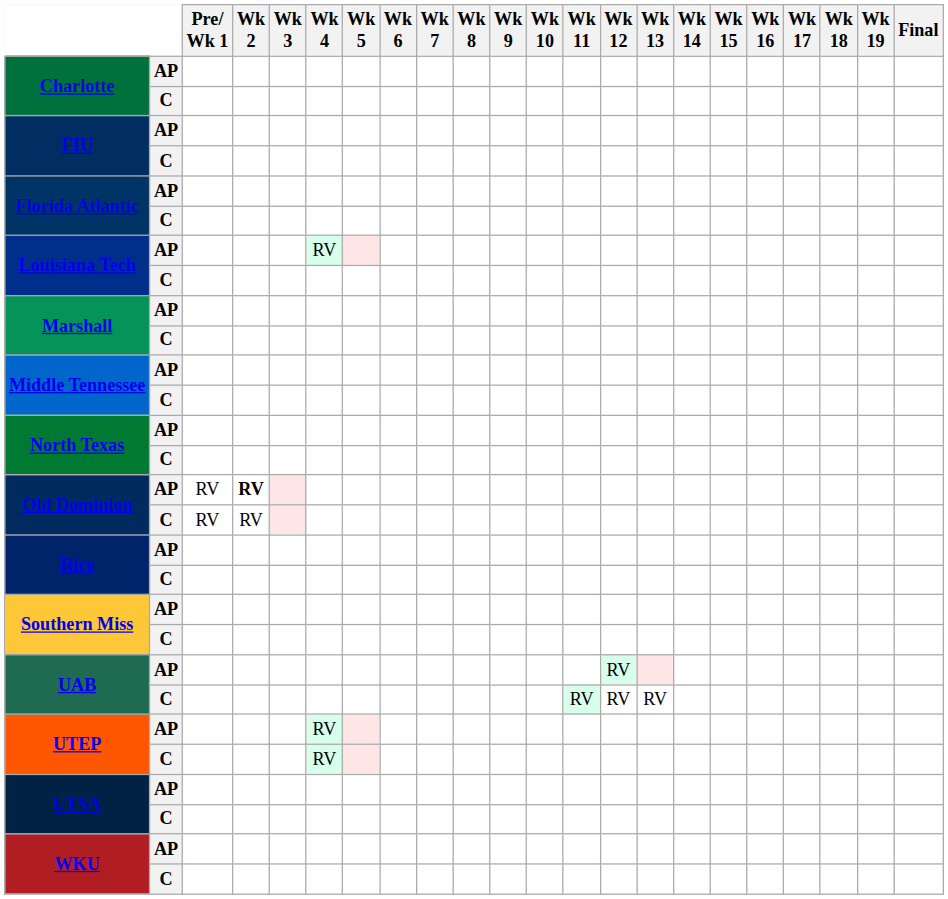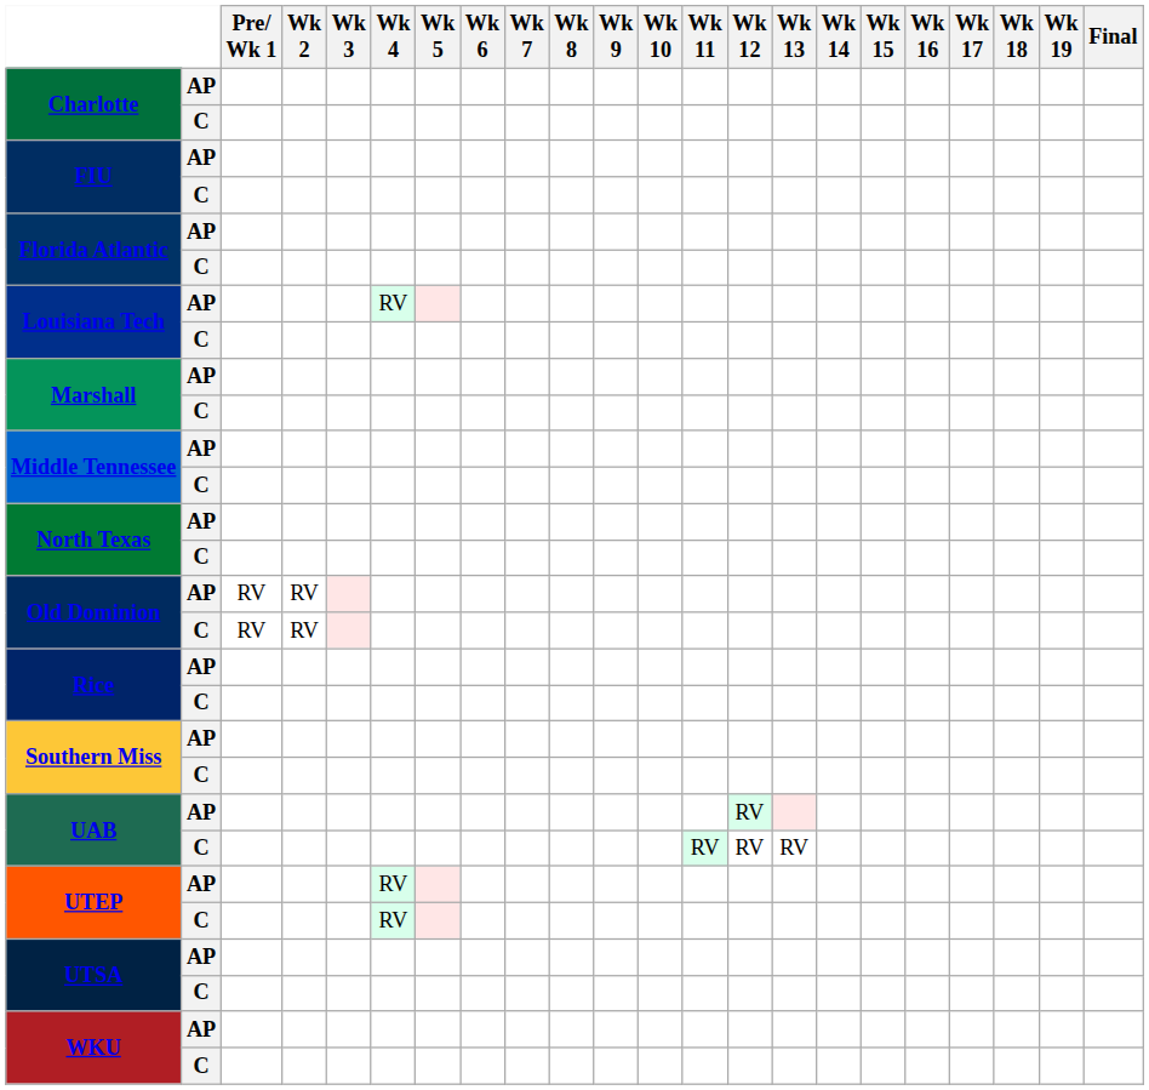 <table class="wikitable" style="white-space:nowrap;font-size:90%;">
 <tr>
 <th colspan=2 style="background:white; border-top-style:hidden; border-left-style:hidden;"> </th>
 <th>Pre/<br>Wk 1</th>
 <th>Wk<br>2</th>
 <th>Wk<br>3</th>
 <th>Wk<br>4</th>
 <th>Wk<br>5</th>
 <th>Wk<br>6</th>
 <th>Wk<br>7</th>
 <th>Wk<br>8</th>
 <th>Wk<br>9</th>
 <th>Wk<br>10</th>
 <th>Wk<br>11</th>
 <th>Wk<br>12</th>
 <th>Wk<br>13</th>
 <th>Wk<br>14</th>
 <th>Wk<br>15</th>
 <th>Wk<br>16</th>
 <th>Wk<br>17</th>
 <th>Wk<br>18</th>
 <th>Wk<br>19</th>
 <th>Final</th>
 </tr>
 <tr style="text-align:center;">
 <th rowspan=2 style="background:#00703C;"><a href='#'><span>Charlotte</span></a></th>
 <th>AP</th>
 <td style="background:#FFF;"></td>
 <td style="background:#FFF;"></td>
 <td style="background:#FFF;"></td>
 <td style="background:#FFF;"></td>
 <td style="background:#FFF;"></td>
 <td style="background:#FFF;"></td>
 <td style="background:#FFF;"></td>
 <td style="background:#FFF;"></td>
 <td style="background:#FFF;"></td>
 <td style="background:#FFF;"></td>
 <td style="background:#FFF;"></td>
 <td style="background:#FFF;"></td>
 <td style="background:#FFF;"></td>
 <td style="background:#FFF;"></td>
 <td style="background:#FFF;"></td>
 <td style="background:#FFF;"></td>
 <td style="background:#FFF;"></td>
 <td style="background:#FFF;"></td>
 <td style="background:#FFF;"></td>
 <td style="background:#FFF;"></td>
 </tr>
 <tr style="text-align:center;">
 <th>C</th>
 <td style="background:#FFF;"></td>
 <td style="background:#FFF;"></td>
 <td style="background:#FFF;"></td>
 <td style="background:#FFF;"></td>
 <td style="background:#FFF;"></td>
 <td style="background:#FFF;"></td>
 <td style="background:#FFF;"></td>
 <td style="background:#FFF;"></td>
 <td style="background:#FFF;"></td>
 <td style="background:#FFF;"></td>
 <td style="background:#FFF;"></td>
 <td style="background:#FFF;"></td>
 <td style="background:#FFF;"></td>
 <td style="background:#FFF;"></td>
 <td style="background:#FFF;"></td>
 <td style="background:#FFF;"></td>
 <td style="background:#FFF;"></td>
 <td style="background:#FFF;"></td>
 <td style="background:#FFF;"></td>
 <td style="background:#FFF;"></td>
 </tr>
 <tr style="text-align:center;">
 <th rowspan=2 style="background:#002d62;"><a href='#'><span>FIU</span></a></th>
 <th>AP</th>
 <td style="background:#FFF;"></td>
 <td style="background:#FFF;"></td>
 <td style="background:#FFF;"></td>
 <td style="background:#FFF;"></td>
 <td style="background:#FFF;"></td>
 <td style="background:#FFF;"></td>
 <td style="background:#FFF;"></td>
 <td style="background:#FFF;"></td>
 <td style="background:#FFF;"></td>
 <td style="background:#FFF;"></td>
 <td style="background:#FFF;"></td>
 <td style="background:#FFF;"></td>
 <td style="background:#FFF;"></td>
 <td style="background:#FFF;"></td>
 <td style="background:#FFF;"></td>
 <td style="background:#FFF;"></td>
 <td style="background:#FFF;"></td>
 <td style="background:#FFF;"></td>
 <td style="background:#FFF;"></td>
 <td style="background:#FFF;"></td>
 </tr>
 <tr style="text-align:center;">
 <th>C</th>
 <td style="background:#FFF;"></td>
 <td style="background:#FFF;"></td>
 <td style="background:#FFF;"></td>
 <td style="background:#FFF;"></td>
 <td style="background:#FFF;"></td>
 <td style="background:#FFF;"></td>
 <td style="background:#FFF;"></td>
 <td style="background:#FFF;"></td>
 <td style="background:#FFF;"></td>
 <td style="background:#FFF;"></td>
 <td style="background:#FFF;"></td>
 <td style="background:#FFF;"></td>
 <td style="background:#FFF;"></td>
 <td style="background:#FFF;"></td>
 <td style="background:#FFF;"></td>
 <td style="background:#FFF;"></td>
 <td style="background:#FFF;"></td>
 <td style="background:#FFF;"></td>
 <td style="background:#FFF;"></td>
 <td style="background:#FFF;"></td>
 </tr>
 <tr style="text-align:center;">
 <th rowspan=2 style="background:#003366;"><a href='#'><span>Florida Atlantic</span></a></th>
 <th>AP</th>
 <td style="background:#FFF;"></td>
 <td style="background:#FFF;"></td>
 <td style="background:#FFF;"></td>
 <td style="background:#FFF;"></td>
 <td style="background:#FFF;"></td>
 <td style="background:#FFF;"></td>
 <td style="background:#FFF;"></td>
 <td style="background:#FFF;"></td>
 <td style="background:#FFF;"></td>
 <td style="background:#FFF;"></td>
 <td style="background:#FFF;"></td>
 <td style="background:#FFF;"></td>
 <td style="background:#FFF;"></td>
 <td style="background:#FFF;"></td>
 <td style="background:#FFF;"></td>
 <td style="background:#FFF;"></td>
 <td style="background:#FFF;"></td>
 <td style="background:#FFF;"></td>
 <td style="background:#FFF;"></td>
 <td style="background:#FFF;"></td>
 </tr>
 <tr style="text-align:center;">
 <th>C</th>
 <td style="background:#FFF;"></td>
 <td style="background:#FFF;"></td>
 <td style="background:#FFF;"></td>
 <td style="background:#FFF;"></td>
 <td style="background:#FFF;"></td>
 <td style="background:#FFF;"></td>
 <td style="background:#FFF;"></td>
 <td style="background:#FFF;"></td>
 <td style="background:#FFF;"></td>
 <td style="background:#FFF;"></td>
 <td style="background:#FFF;"></td>
 <td style="background:#FFF;"></td>
 <td style="background:#FFF;"></td>
 <td style="background:#FFF;"></td>
 <td style="background:#FFF;"></td>
 <td style="background:#FFF;"></td>
 <td style="background:#FFF;"></td>
 <td style="background:#FFF;"></td>
 <td style="background:#FFF;"></td>
 <td style="background:#FFF;"></td>
 </tr>
 <tr style="text-align:center;">
 <th rowspan=2 style="background:#002F8B;"><a href='#'><span>Louisiana Tech</span></a></th>
 <th>AP</th>
 <td style="background:#FFF;"></td>
 <td style="background:#FFF;"></td>
 <td style="background:#FFF;"></td>
 <td style="background:#d8ffeb;">RV</td>
 <td style="background:#ffe6e6;"></td>
 <td style="background:#FFF;"></td>
 <td style="background:#FFF;"></td>
 <td style="background:#FFF;"></td>
 <td style="background:#FFF;"></td>
 <td style="background:#FFF;"></td>
 <td style="background:#FFF;"></td>
 <td style="background:#FFF;"></td>
 <td style="background:#FFF;"></td>
 <td style="background:#FFF;"></td>
 <td style="background:#FFF;"></td>
 <td style="background:#FFF;"></td>
 <td style="background:#FFF;"></td>
 <td style="background:#FFF;"></td>
 <td style="background:#FFF;"></td>
 <td style="background:#FFF;"></td>
 </tr>
 <tr style="text-align:center;">
 <th>C</th>
 <td style="background:#FFF;"></td>
 <td style="background:#FFF;"></td>
 <td style="background:#FFF;"></td>
 <td style="background:#FFF;"></td>
 <td style="background:#FFF;"></td>
 <td style="background:#FFF;"></td>
 <td style="background:#FFF;"></td>
 <td style="background:#FFF;"></td>
 <td style="background:#FFF;"></td>
 <td style="background:#FFF;"></td>
 <td style="background:#FFF;"></td>
 <td style="background:#FFF;"></td>
 <td style="background:#FFF;"></td>
 <td style="background:#FFF;"></td>
 <td style="background:#FFF;"></td>
 <td style="background:#FFF;"></td>
 <td style="background:#FFF;"></td>
 <td style="background:#FFF;"></td>
 <td style="background:#FFF;"></td>
 <td style="background:#FFF;"></td>
 </tr>
 <tr style="text-align:center;">
 <th rowspan=2 style="background:#04945a;"><a href='#'><span>Marshall</span></a></th>
 <th>AP</th>
 <td style="background:#FFF;"></td>
 <td style="background:#FFF;"></td>
 <td style="background:#FFF;"></td>
 <td style="background:#FFF;"></td>
 <td style="background:#FFF;"></td>
 <td style="background:#FFF;"></td>
 <td style="background:#FFF;"></td>
 <td style="background:#FFF;"></td>
 <td style="background:#FFF;"></td>
 <td style="background:#FFF;"></td>
 <td style="background:#FFF;"></td>
 <td style="background:#FFF;"></td>
 <td style="background:#FFF;"></td>
 <td style="background:#FFF;"></td>
 <td style="background:#FFF;"></td>
 <td style="background:#FFF;"></td>
 <td style="background:#FFF;"></td>
 <td style="background:#FFF;"></td>
 <td style="background:#FFF;"></td>
 <td style="background:#FFF;"></td>
 </tr>
 <tr style="text-align:center;">
 <th>C</th>
 <td style="background:#FFF;"></td>
 <td style="background:#FFF;"></td>
 <td style="background:#FFF;"></td>
 <td style="background:#FFF;"></td>
 <td style="background:#FFF;"></td>
 <td style="background:#FFF;"></td>
 <td style="background:#FFF;"></td>
 <td style="background:#FFF;"></td>
 <td style="background:#FFF;"></td>
 <td style="background:#FFF;"></td>
 <td style="background:#FFF;"></td>
 <td style="background:#FFF;"></td>
 <td style="background:#FFF;"></td>
 <td style="background:#FFF;"></td>
 <td style="background:#FFF;"></td>
 <td style="background:#FFF;"></td>
 <td style="background:#FFF;"></td>
 <td style="background:#FFF;"></td>
 <td style="background:#FFF;"></td>
 <td style="background:#FFF;"></td>
 </tr>
 <tr style="text-align:center;">
 <th rowspan=2 style="background:#0066CC;"><a href='#'><span>Middle Tennessee</span></a></th>
 <th>AP</th>
 <td style="background:#FFF;"></td>
 <td style="background:#FFF;"></td>
 <td style="background:#FFF;"></td>
 <td style="background:#FFF;"></td>
 <td style="background:#FFF;"></td>
 <td style="background:#FFF;"></td>
 <td style="background:#FFF;"></td>
 <td style="background:#FFF;"></td>
 <td style="background:#FFF;"></td>
 <td style="background:#FFF;"></td>
 <td style="background:#FFF;"></td>
 <td style="background:#FFF;"></td>
 <td style="background:#FFF;"></td>
 <td style="background:#FFF;"></td>
 <td style="background:#FFF;"></td>
 <td style="background:#FFF;"></td>
 <td style="background:#FFF;"></td>
 <td style="background:#FFF;"></td>
 <td style="background:#FFF;"></td>
 <td style="background:#FFF;"></td>
 </tr>
 <tr style="text-align:center;">
 <th>C</th>
 <td style="background:#FFF;"></td>
 <td style="background:#FFF;"></td>
 <td style="background:#FFF;"></td>
 <td style="background:#FFF;"></td>
 <td style="background:#FFF;"></td>
 <td style="background:#FFF;"></td>
 <td style="background:#FFF;"></td>
 <td style="background:#FFF;"></td>
 <td style="background:#FFF;"></td>
 <td style="background:#FFF;"></td>
 <td style="background:#FFF;"></td>
 <td style="background:#FFF;"></td>
 <td style="background:#FFF;"></td>
 <td style="background:#FFF;"></td>
 <td style="background:#FFF;"></td>
 <td style="background:#FFF;"></td>
 <td style="background:#FFF;"></td>
 <td style="background:#FFF;"></td>
 <td style="background:#FFF;"></td>
 <td style="background:#FFF;"></td>
 </tr>
 <tr style="text-align:center;">
 <th rowspan=2 style="background:#007A33;"><a href='#'><span>North Texas</span></a></th>
 <th>AP</th>
 <td style="background:#FFF;"></td>
 <td style="background:#FFF;"></td>
 <td style="background:#FFF;"></td>
 <td style="background:#FFF;"></td>
 <td style="background:#FFF;"></td>
 <td style="background:#FFF;"></td>
 <td style="background:#FFF;"></td>
 <td style="background:#FFF;"></td>
 <td style="background:#FFF;"></td>
 <td style="background:#FFF;"></td>
 <td style="background:#FFF;"></td>
 <td style="background:#FFF;"></td>
 <td style="background:#FFF;"></td>
 <td style="background:#FFF;"></td>
 <td style="background:#FFF;"></td>
 <td style="background:#FFF;"></td>
 <td style="background:#FFF;"></td>
 <td style="background:#FFF;"></td>
 <td style="background:#FFF;"></td>
 <td style="background:#FFF;"></td>
 </tr>
 <tr style="text-align:center;">
 <th>C</th>
 <td style="background:#FFF;"></td>
 <td style="background:#FFF;"></td>
 <td style="background:#FFF;"></td>
 <td style="background:#FFF;"></td>
 <td style="background:#FFF;"></td>
 <td style="background:#FFF;"></td>
 <td style="background:#FFF;"></td>
 <td style="background:#FFF;"></td>
 <td style="background:#FFF;"></td>
 <td style="background:#FFF;"></td>
 <td style="background:#FFF;"></td>
 <td style="background:#FFF;"></td>
 <td style="background:#FFF;"></td>
 <td style="background:#FFF;"></td>
 <td style="background:#FFF;"></td>
 <td style="background:#FFF;"></td>
 <td style="background:#FFF;"></td>
 <td style="background:#FFF;"></td>
 <td style="background:#FFF;"></td>
 <td style="background:#FFF;"></td>
 </tr>
 <tr style="text-align:center;">
 <th rowspan=2 style="background:#002b5f;"><a href='#'><span>Old Dominion</span></a></th>
 <th>AP</th>
 <td style="background:#FFF;">RV</td>
-<td style="background:#FFF;"><strong>RV</strong></td>
+<td style="background:#FFF;">RV</td>
 <td style="background:#ffe6e6;"></td>
 <td style="background:#FFF;"></td>
 <td style="background:#FFF;"></td>
 <td style="background:#FFF;"></td>
 <td style="background:#FFF;"></td>
 <td style="background:#FFF;"></td>
 <td style="background:#FFF;"></td>
 <td style="background:#FFF;"></td>
 <td style="background:#FFF;"></td>
 <td style="background:#FFF;"></td>
 <td style="background:#FFF;"></td>
 <td style="background:#FFF;"></td>
 <td style="background:#FFF;"></td>
 <td style="background:#FFF;"></td>
 <td style="background:#FFF;"></td>
 <td style="background:#FFF;"></td>
 <td style="background:#FFF;"></td>
 <td style="background:#FFF;"></td>
 </tr>
 <tr style="text-align:center;">
 <th>C</th>
 <td style="background:#FFF;">RV</td>
 <td style="background:#FFF;">RV</td>
 <td style="background:#ffe6e6;"></td>
 <td style="background:#FFF;"></td>
 <td style="background:#FFF;"></td>
 <td style="background:#FFF;"></td>
 <td style="background:#FFF;"></td>
 <td style="background:#FFF;"></td>
 <td style="background:#FFF;"></td>
 <td style="background:#FFF;"></td>
 <td style="background:#FFF;"></td>
 <td style="background:#FFF;"></td>
 <td style="background:#FFF;"></td>
 <td style="background:#FFF;"></td>
 <td style="background:#FFF;"></td>
 <td style="background:#FFF;"></td>
 <td style="background:#FFF;"></td>
 <td style="background:#FFF;"></td>
 <td style="background:#FFF;"></td>
 <td style="background:#FFF;"></td>
 </tr>
 <tr style="text-align:center;">
 <th rowspan=2 style="background:#002469;"><a href='#'><span>Rice</span></a></th>
 <th>AP</th>
 <td style="background:#FFF;"></td>
 <td style="background:#FFF;"></td>
 <td style="background:#FFF;"></td>
 <td style="background:#FFF;"></td>
 <td style="background:#FFF;"></td>
 <td style="background:#FFF;"></td>
 <td style="background:#FFF;"></td>
 <td style="background:#FFF;"></td>
 <td style="background:#FFF;"></td>
 <td style="background:#FFF;"></td>
 <td style="background:#FFF;"></td>
 <td style="background:#FFF;"></td>
 <td style="background:#FFF;"></td>
 <td style="background:#FFF;"></td>
 <td style="background:#FFF;"></td>
 <td style="background:#FFF;"></td>
 <td style="background:#FFF;"></td>
 <td style="background:#FFF;"></td>
 <td style="background:#FFF;"></td>
 <td style="background:#FFF;"></td>
 </tr>
 <tr style="text-align:center;">
 <th>C</th>
 <td style="background:#FFF;"></td>
 <td style="background:#FFF;"></td>
 <td style="background:#FFF;"></td>
 <td style="background:#FFF;"></td>
 <td style="background:#FFF;"></td>
 <td style="background:#FFF;"></td>
 <td style="background:#FFF;"></td>
 <td style="background:#FFF;"></td>
 <td style="background:#FFF;"></td>
 <td style="background:#FFF;"></td>
 <td style="background:#FFF;"></td>
 <td style="background:#FFF;"></td>
 <td style="background:#FFF;"></td>
 <td style="background:#FFF;"></td>
 <td style="background:#FFF;"></td>
 <td style="background:#FFF;"></td>
 <td style="background:#FFF;"></td>
 <td style="background:#FFF;"></td>
 <td style="background:#FFF;"></td>
 <td style="background:#FFF;"></td>
 </tr>
 <tr style="text-align:center;">
 <th rowspan=2 style="background:#FDC737;"><a href='#'><span>Southern Miss</span></a></th>
 <th>AP</th>
 <td style="background:#FFF;"></td>
 <td style="background:#FFF;"></td>
 <td style="background:#FFF;"></td>
 <td style="background:#FFF;"></td>
 <td style="background:#FFF;"></td>
 <td style="background:#FFF;"></td>
 <td style="background:#FFF;"></td>
 <td style="background:#FFF;"></td>
 <td style="background:#FFF;"></td>
 <td style="background:#FFF;"></td>
 <td style="background:#FFF;"></td>
 <td style="background:#FFF;"></td>
 <td style="background:#FFF;"></td>
 <td style="background:#FFF;"></td>
 <td style="background:#FFF;"></td>
 <td style="background:#FFF;"></td>
 <td style="background:#FFF;"></td>
 <td style="background:#FFF;"></td>
 <td style="background:#FFF;"></td>
 <td style="background:#FFF;"></td>
 </tr>
 <tr style="text-align:center;">
 <th>C</th>
 <td style="background:#FFF;"></td>
 <td style="background:#FFF;"></td>
 <td style="background:#FFF;"></td>
 <td style="background:#FFF;"></td>
 <td style="background:#FFF;"></td>
 <td style="background:#FFF;"></td>
 <td style="background:#FFF;"></td>
 <td style="background:#FFF;"></td>
 <td style="background:#FFF;"></td>
 <td style="background:#FFF;"></td>
 <td style="background:#FFF;"></td>
 <td style="background:#FFF;"></td>
 <td style="background:#FFF;"></td>
 <td style="background:#FFF;"></td>
 <td style="background:#FFF;"></td>
 <td style="background:#FFF;"></td>
 <td style="background:#FFF;"></td>
 <td style="background:#FFF;"></td>
 <td style="background:#FFF;"></td>
 <td style="background:#FFF;"></td>
 </tr>
 <tr style="text-align:center;">
 <th rowspan=2 style="background:#1E6B52;"><a href='#'><span>UAB</span></a></th>
 <th>AP</th>
 <td style="background:#FFF;"></td>
 <td style="background:#FFF;"></td>
 <td style="background:#FFF;"></td>
 <td style="background:#FFF;"></td>
 <td style="background:#FFF;"></td>
 <td style="background:#FFF;"></td>
 <td style="background:#FFF;"></td>
 <td style="background:#FFF;"></td>
 <td style="background:#FFF;"></td>
 <td style="background:#FFF;"></td>
 <td style="background:#FFF;"></td>
 <td style="background:#d8ffeb;">RV</td>
 <td style="background:#ffe6e6;"></td>
 <td style="background:#FFF;"></td>
 <td style="background:#FFF;"></td>
 <td style="background:#FFF;"></td>
 <td style="background:#FFF;"></td>
 <td style="background:#FFF;"></td>
 <td style="background:#FFF;"></td>
 <td style="background:#FFF;"></td>
 </tr>
 <tr style="text-align:center;">
 <th>C</th>
 <td style="background:#FFF;"></td>
 <td style="background:#FFF;"></td>
 <td style="background:#FFF;"></td>
 <td style="background:#FFF;"></td>
 <td style="background:#FFF;"></td>
 <td style="background:#FFF;"></td>
 <td style="background:#FFF;"></td>
 <td style="background:#FFF;"></td>
 <td style="background:#FFF;"></td>
 <td style="background:#FFF;"></td>
 <td style="background:#d8ffeb;">RV</td>
 <td style="background:#FFF;">RV</td>
 <td style="background:#FFF;">RV</td>
 <td style="background:#FFF;"></td>
 <td style="background:#FFF;"></td>
 <td style="background:#FFF;"></td>
 <td style="background:#FFF;"></td>
 <td style="background:#FFF;"></td>
 <td style="background:#FFF;"></td>
 <td style="background:#FFF;"></td>
 </tr>
 <tr style="text-align:center;">
 <th rowspan=2 style="background:#ff5600;"><a href='#'><span>UTEP</span></a></th>
 <th>AP</th>
 <td style="background:#FFF;"></td>
 <td style="background:#FFF;"></td>
 <td style="background:#FFF;"></td>
 <td style="background:#d8ffeb;">RV</td>
 <td style="background:#ffe6e6;"></td>
 <td style="background:#FFF;"></td>
 <td style="background:#FFF;"></td>
 <td style="background:#FFF;"></td>
 <td style="background:#FFF;"></td>
 <td style="background:#FFF;"></td>
 <td style="background:#FFF;"></td>
 <td style="background:#FFF;"></td>
 <td style="background:#FFF;"></td>
 <td style="background:#FFF;"></td>
 <td style="background:#FFF;"></td>
 <td style="background:#FFF;"></td>
 <td style="background:#FFF;"></td>
 <td style="background:#FFF;"></td>
 <td style="background:#FFF;"></td>
 <td style="background:#FFF;"></td>
 </tr>
 <tr style="text-align:center;">
 <th>C</th>
 <td style="background:#FFF;"></td>
 <td style="background:#FFF;"></td>
 <td style="background:#FFF;"></td>
 <td style="background:#d8ffeb;">RV</td>
 <td style="background:#ffe6e6;"></td>
 <td style="background:#FFF;"></td>
 <td style="background:#FFF;"></td>
 <td style="background:#FFF;"></td>
 <td style="background:#FFF;"></td>
 <td style="background:#FFF;"></td>
 <td style="background:#FFF;"></td>
 <td style="background:#FFF;"></td>
 <td style="background:#FFF;"></td>
 <td style="background:#FFF;"></td>
 <td style="background:#FFF;"></td>
 <td style="background:#FFF;"></td>
 <td style="background:#FFF;"></td>
 <td style="background:#FFF;"></td>
 <td style="background:#FFF;"></td>
 <td style="background:#FFF;"></td>
 </tr>
 <tr style="text-align:center;">
 <th rowspan=2 style="background:#002244;"><a href='#'><span>UTSA</span></a></th>
 <th>AP</th>
 <td style="background:#FFF;"></td>
 <td style="background:#FFF;"></td>
 <td style="background:#FFF;"></td>
 <td style="background:#FFF;"></td>
 <td style="background:#FFF;"></td>
 <td style="background:#FFF;"></td>
 <td style="background:#FFF;"></td>
 <td style="background:#FFF;"></td>
 <td style="background:#FFF;"></td>
 <td style="background:#FFF;"></td>
 <td style="background:#FFF;"></td>
 <td style="background:#FFF;"></td>
 <td style="background:#FFF;"></td>
 <td style="background:#FFF;"></td>
 <td style="background:#FFF;"></td>
 <td style="background:#FFF;"></td>
 <td style="background:#FFF;"></td>
 <td style="background:#FFF;"></td>
 <td style="background:#FFF;"></td>
 <td style="background:#FFF;"></td>
 </tr>
 <tr style="text-align:center;">
 <th>C</th>
 <td style="background:#FFF;"></td>
 <td style="background:#FFF;"></td>
 <td style="background:#FFF;"></td>
 <td style="background:#FFF;"></td>
 <td style="background:#FFF;"></td>
 <td style="background:#FFF;"></td>
 <td style="background:#FFF;"></td>
 <td style="background:#FFF;"></td>
 <td style="background:#FFF;"></td>
 <td style="background:#FFF;"></td>
 <td style="background:#FFF;"></td>
 <td style="background:#FFF;"></td>
 <td style="background:#FFF;"></td>
 <td style="background:#FFF;"></td>
 <td style="background:#FFF;"></td>
 <td style="background:#FFF;"></td>
 <td style="background:#FFF;"></td>
 <td style="background:#FFF;"></td>
 <td style="background:#FFF;"></td>
 <td style="background:#FFF;"></td>
 </tr>
 <tr style="text-align:center;">
 <th rowspan=2 style="background:#B01E24;"><a href='#'><span>WKU</span></a></th>
 <th>AP</th>
 <td style="background:#FFF;"></td>
 <td style="background:#FFF;"></td>
 <td style="background:#FFF;"></td>
 <td style="background:#FFF;"></td>
 <td style="background:#FFF;"></td>
 <td style="background:#FFF;"></td>
 <td style="background:#FFF;"></td>
 <td style="background:#FFF;"></td>
 <td style="background:#FFF;"></td>
 <td style="background:#FFF;"></td>
 <td style="background:#FFF;"></td>
 <td style="background:#FFF;"></td>
 <td style="background:#FFF;"></td>
 <td style="background:#FFF;"></td>
 <td style="background:#FFF;"></td>
 <td style="background:#FFF;"></td>
 <td style="background:#FFF;"></td>
 <td style="background:#FFF;"></td>
 <td style="background:#FFF;"></td>
 <td style="background:#FFF;"></td>
 </tr>
 <tr style="text-align:center;">
 <th>C</th>
 <td style="background:#FFF;"></td>
 <td style="background:#FFF;"></td>
 <td style="background:#FFF;"></td>
 <td style="background:#FFF;"></td>
 <td style="background:#FFF;"></td>
 <td style="background:#FFF;"></td>
 <td style="background:#FFF;"></td>
 <td style="background:#FFF;"></td>
 <td style="background:#FFF;"></td>
 <td style="background:#FFF;"></td>
 <td style="background:#FFF;"></td>
 <td style="background:#FFF;"></td>
 <td style="background:#FFF;"></td>
 <td style="background:#FFF;"></td>
 <td style="background:#FFF;"></td>
 <td style="background:#FFF;"></td>
 <td style="background:#FFF;"></td>
 <td style="background:#FFF;"></td>
 <td style="background:#FFF;"></td>
 <td style="background:#FFF;"></td>
 </tr>
 </table>
